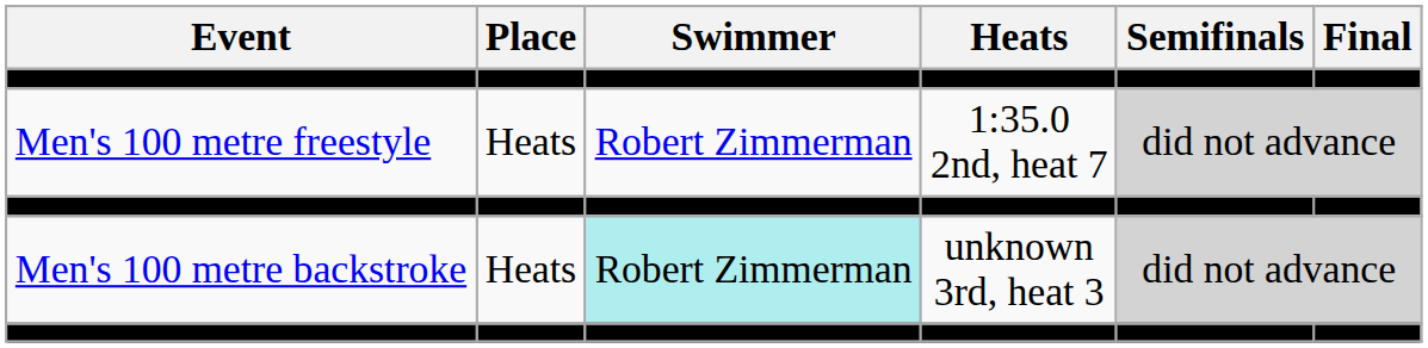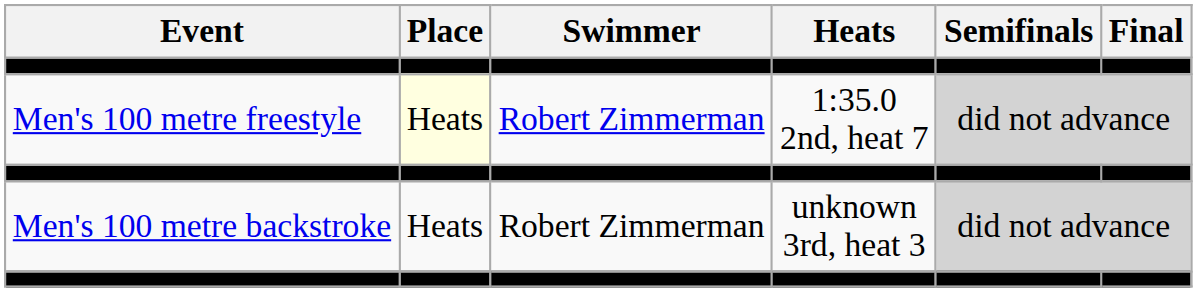 <table class=wikitable>
 <tr>
 <th>Event</th>
 <th>Place</th>
 <th>Swimmer</th>
 <th>Heats</th>
 <th>Semifinals</th>
 <th>Final</th>
 </tr>
 <tr bgcolor=black>
 <td></td>
 <td></td>
 <td></td>
 <td></td>
 <td></td>
 <td></td>
 </tr>
 <tr align=center>
 <td align=left><a href='#'>Men's 100 metre freestyle</a></td>
-<td>Heats</td>
+<td style="background: lightyellow;">Heats</td>
 <td align=left><a href='#'>Robert Zimmerman</a></td>
 <td>1:35.0 <br> 2nd, heat 7</td>
 <td colspan=2 bgcolor=lightgray>did not advance</td>
 </tr>
 <tr bgcolor=black>
 <td></td>
 <td></td>
 <td></td>
 <td></td>
 <td></td>
 <td></td>
 </tr>
 <tr align=center>
 <td align=left><a href='#'>Men's 100 metre backstroke</a></td>
 <td>Heats</td>
-<td align=left style="background: paleturquoise;">Robert Zimmerman</td>
+<td align=left>Robert Zimmerman</td>
 <td>unknown <br> 3rd, heat 3</td>
 <td colspan=2 bgcolor=lightgray>did not advance</td>
 </tr>
 <tr bgcolor=black>
 <td></td>
 <td></td>
 <td></td>
 <td></td>
 <td></td>
 <td></td>
 </tr>
 </table>
